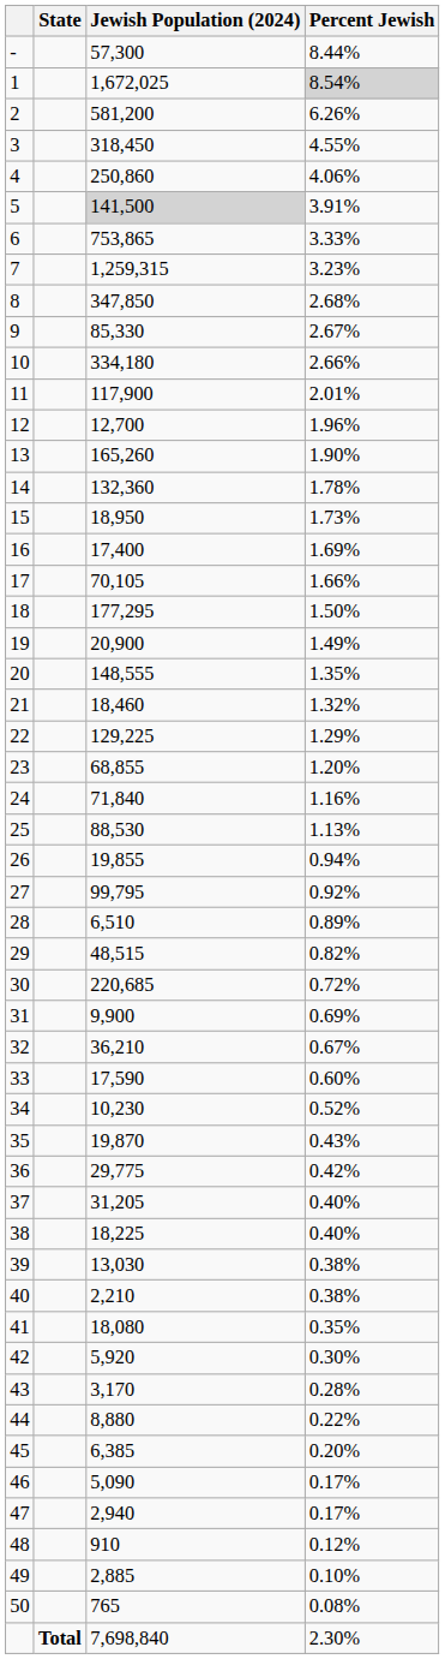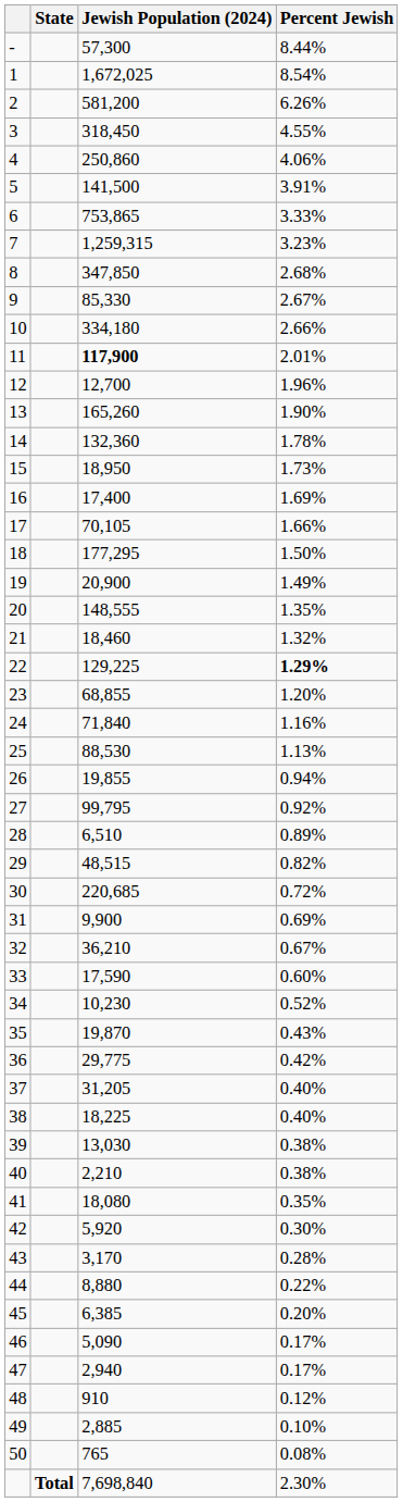 <table class="wikitable sortable">
 <tr>
 <th></th>
 <th>State</th>
 <th>Jewish Population (2024)</th>
 <th>Percent Jewish</th>
 </tr>
 <tr>
 <td>-</td>
 <td></td>
 <td>57,300</td>
 <td>8.44%</td>
 </tr>
 <tr>
 <td>1</td>
 <td></td>
 <td>1,672,025</td>
-<td style="background: lightgrey;">8.54%</td>
+<td>8.54%</td>
 </tr>
 <tr>
 <td>2</td>
 <td></td>
 <td>581,200</td>
 <td>6.26%</td>
 </tr>
 <tr>
 <td>3</td>
 <td></td>
 <td>318,450</td>
 <td>4.55%</td>
 </tr>
 <tr>
 <td>4</td>
 <td></td>
 <td>250,860</td>
 <td>4.06%</td>
 </tr>
 <tr>
 <td>5</td>
 <td></td>
-<td style="background: lightgrey;">141,500</td>
+<td>141,500</td>
 <td>3.91%</td>
 </tr>
 <tr>
 <td>6</td>
 <td></td>
 <td>753,865</td>
 <td>3.33%</td>
 </tr>
 <tr>
 <td>7</td>
 <td></td>
 <td>1,259,315</td>
 <td>3.23%</td>
 </tr>
 <tr>
 <td>8</td>
 <td></td>
 <td>347,850</td>
 <td>2.68%</td>
 </tr>
 <tr>
 <td>9</td>
 <td></td>
 <td>85,330</td>
 <td>2.67%</td>
 </tr>
 <tr>
 <td>10</td>
 <td></td>
 <td>334,180</td>
 <td>2.66%</td>
 </tr>
 <tr>
 <td>11</td>
 <td></td>
-<td>117,900</td>
+<td><strong>117,900</strong></td>
 <td>2.01%</td>
 </tr>
 <tr>
 <td>12</td>
 <td></td>
 <td>12,700</td>
 <td>1.96%</td>
 </tr>
 <tr>
 <td>13</td>
 <td></td>
 <td>165,260</td>
 <td>1.90%</td>
 </tr>
 <tr>
 <td>14</td>
 <td></td>
 <td>132,360</td>
 <td>1.78%</td>
 </tr>
 <tr>
 <td>15</td>
 <td></td>
 <td>18,950</td>
 <td>1.73%</td>
 </tr>
 <tr>
 <td>16</td>
 <td></td>
 <td>17,400</td>
 <td>1.69%</td>
 </tr>
 <tr>
 <td>17</td>
 <td></td>
 <td>70,105</td>
 <td>1.66%</td>
 </tr>
 <tr>
 <td>18</td>
 <td></td>
 <td>177,295</td>
 <td>1.50%</td>
 </tr>
 <tr>
 <td>19</td>
 <td></td>
 <td>20,900</td>
 <td>1.49%</td>
 </tr>
 <tr>
 <td>20</td>
 <td></td>
 <td>148,555</td>
 <td>1.35%</td>
 </tr>
 <tr>
 <td>21</td>
 <td></td>
 <td>18,460</td>
 <td>1.32%</td>
 </tr>
 <tr>
 <td>22</td>
 <td></td>
 <td>129,225</td>
-<td>1.29%</td>
+<td><strong>1.29%</strong></td>
 </tr>
 <tr>
 <td>23</td>
 <td></td>
 <td>68,855</td>
 <td>1.20%</td>
 </tr>
 <tr>
 <td>24</td>
 <td></td>
 <td>71,840</td>
 <td>1.16%</td>
 </tr>
 <tr>
 <td>25</td>
 <td></td>
 <td>88,530</td>
 <td>1.13%</td>
 </tr>
 <tr>
 <td>26</td>
 <td></td>
 <td>19,855</td>
 <td>0.94%</td>
 </tr>
 <tr>
 <td>27</td>
 <td></td>
 <td>99,795</td>
 <td>0.92%</td>
 </tr>
 <tr>
 <td>28</td>
 <td></td>
 <td>6,510</td>
 <td>0.89%</td>
 </tr>
 <tr>
 <td>29</td>
 <td></td>
 <td>48,515</td>
 <td>0.82%</td>
 </tr>
 <tr>
 <td>30</td>
 <td></td>
 <td>220,685</td>
 <td>0.72%</td>
 </tr>
 <tr>
 <td>31</td>
 <td></td>
 <td>9,900</td>
 <td>0.69%</td>
 </tr>
 <tr>
 <td>32</td>
 <td></td>
 <td>36,210</td>
 <td>0.67%</td>
 </tr>
 <tr>
 <td>33</td>
 <td></td>
 <td>17,590</td>
 <td>0.60%</td>
 </tr>
 <tr>
 <td>34</td>
 <td></td>
 <td>10,230</td>
 <td>0.52%</td>
 </tr>
 <tr>
 <td>35</td>
 <td></td>
 <td>19,870</td>
 <td>0.43%</td>
 </tr>
 <tr>
 <td>36</td>
 <td></td>
 <td>29,775</td>
 <td>0.42%</td>
 </tr>
 <tr>
 <td>37</td>
 <td></td>
 <td>31,205</td>
 <td>0.40%</td>
 </tr>
 <tr>
 <td>38</td>
 <td></td>
 <td>18,225</td>
 <td>0.40%</td>
 </tr>
 <tr>
 <td>39</td>
 <td></td>
 <td>13,030</td>
 <td>0.38%</td>
 </tr>
 <tr>
 <td>40</td>
 <td></td>
 <td>2,210</td>
 <td>0.38%</td>
 </tr>
 <tr>
 <td>41</td>
 <td></td>
 <td>18,080</td>
 <td>0.35%</td>
 </tr>
 <tr>
 <td>42</td>
 <td></td>
 <td>5,920</td>
 <td>0.30%</td>
 </tr>
 <tr>
 <td>43</td>
 <td></td>
 <td>3,170</td>
 <td>0.28%</td>
 </tr>
 <tr>
 <td>44</td>
 <td></td>
 <td>8,880</td>
 <td>0.22%</td>
 </tr>
 <tr>
 <td>45</td>
 <td></td>
 <td>6,385</td>
 <td>0.20%</td>
 </tr>
 <tr>
 <td>46</td>
 <td></td>
 <td>5,090</td>
 <td>0.17%</td>
 </tr>
 <tr>
 <td>47</td>
 <td></td>
 <td>2,940</td>
 <td>0.17%</td>
 </tr>
 <tr>
 <td>48</td>
 <td></td>
 <td>910</td>
 <td>0.12%</td>
 </tr>
 <tr>
 <td>49</td>
 <td></td>
 <td>2,885</td>
 <td>0.10%</td>
 </tr>
 <tr>
 <td>50</td>
 <td></td>
 <td>765</td>
 <td>0.08%</td>
 </tr>
 <tr>
 <td></td>
 <td><strong>Total</strong></td>
 <td>7,698,840</td>
 <td>2.30%</td>
 </tr>
 </table>
